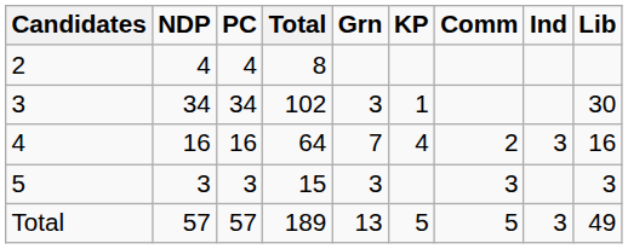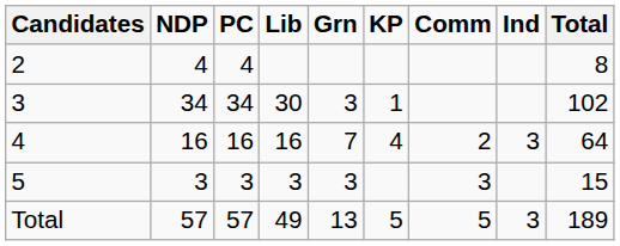 <table class="wikitable" style="text-align:right;">
 <tr>
 <th>Candidates</th>
 <td><strong>NDP</strong></td>
 <td><strong>PC</strong></td>
-<th>Total</th>
+<td><strong>Lib</strong></td>
 <td><strong>Grn</strong></td>
 <td><strong>KP</strong></td>
 <td><strong>Comm</strong></td>
 <td><strong>Ind</strong></td>
-<td><strong>Lib</strong></td>
+<th>Total</th>
 </tr>
 <tr>
 <td style="text-align:left;">2</td>
 <td>4</td>
 <td>4</td>
-<td>8</td>
 <td></td>
 <td></td>
 <td></td>
 <td></td>
 <td></td>
+<td>8</td>
 </tr>
 <tr>
 <td style="text-align:left;">3</td>
 <td>34</td>
 <td>34</td>
-<td>102</td>
+<td>30</td>
 <td>3</td>
 <td>1</td>
 <td></td>
 <td></td>
-<td>30</td>
+<td>102</td>
 </tr>
 <tr>
 <td style="text-align:left;">4</td>
 <td>16</td>
 <td>16</td>
-<td>64</td>
+<td>16</td>
 <td>7</td>
 <td>4</td>
 <td>2</td>
 <td>3</td>
-<td>16</td>
+<td>64</td>
 </tr>
 <tr>
 <td style="text-align:left;">5</td>
 <td>3</td>
 <td>3</td>
-<td>15</td>
+<td>3</td>
 <td>3</td>
 <td></td>
 <td>3</td>
 <td></td>
-<td>3</td>
+<td>15</td>
 </tr>
 <tr>
 <td style="text-align:left;">Total</td>
 <td>57</td>
 <td>57</td>
-<td>189</td>
+<td>49</td>
 <td>13</td>
 <td>5</td>
 <td>5</td>
 <td>3</td>
-<td>49</td>
+<td>189</td>
 </tr>
 </table>
